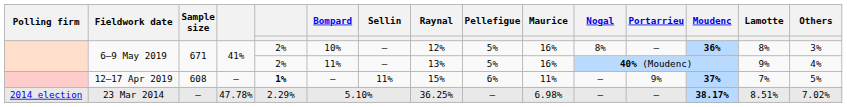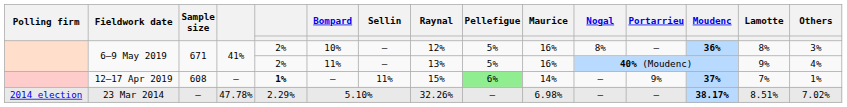 <table class="wikitable sortable" style="text-align:center;font-size:90%;line-height:14px;">
 <tr style="height:40px;">
 <th style="width:100px;" rowspan="2">Polling firm</th>
 <th style="width:110px;" rowspan="2">Fieldwork date</th>
 <th style="width:35px;" rowspan="2">Sample<br>size</th>
 <th style="width:30px;" rowspan="2"></th>
 <th class="unsortable" style="width:60px;"></th>
 <th class="unsortable" style="width:60px;"><a href='#'>Bompard</a><br></th>
 <th class="unsortable" style="width:60px;">Sellin<br></th>
 <th class="unsortable" style="width:60px;">Raynal<br></th>
 <th class="unsortable" style="width:60px;">Pellefigue<br></th>
 <th class="unsortable" style="width:60px;">Maurice<br></th>
 <th class="unsortable" style="width:60px;"><a href='#'>Nogal</a><br></th>
 <th class="unsortable" style="width:60px;"><a href='#'>Portarrieu</a><br></th>
 <th class="unsortable" style="width:60px;"><a href='#'>Moudenc</a><br></th>
 <th class="unsortable" style="width:60px;">Lamotte<br></th>
 <th class="unsortable" style="width:60px;">Others</th>
 </tr>
 <tr>
 <th style="background:"></th>
 <th style="background:"></th>
 <th style="background:"></th>
 <th style="background:"></th>
 <th style="background:"></th>
 <th style="background:"></th>
 <th style="background:"></th>
 <th style="background:"></th>
 <th style="background:"></th>
 <th style="background:"></th>
 <th style="background:"></th>
 </tr>
 <tr>
 <td rowspan="2" style="background:#FFDFCC;"></td>
 <td rowspan="2" data-sort-value="2019-05-09">6–9 May 2019</td>
 <td rowspan="2">671</td>
 <td rowspan="2">41%</td>
 <td>2%</td>
 <td>10%</td>
 <td>–</td>
 <td>12%</td>
 <td>5%</td>
 <td>16%</td>
 <td>8%</td>
 <td>–</td>
 <td style="background:#B9DAFF;"><strong>36%</strong></td>
 <td>8%</td>
 <td>3%</td>
 </tr>
 <tr>
 <td>2%</td>
 <td>11%</td>
 <td>–</td>
 <td>13%</td>
 <td>5%</td>
 <td>16%</td>
 <td style="background:#B9DAFF;" colspan="3"><strong>40%</strong> (Moudenc)</td>
 <td>9%</td>
 <td>4%</td>
 </tr>
 <tr>
 <td style="background:#FFCCCC;"></td>
 <td data-sort-value="2019-04-17">12–17 Apr 2019</td>
 <td>608</td>
 <td>–</td>
 <td><strong>1%</strong></td>
 <td>–</td>
 <td>11%</td>
 <td>15%</td>
-<td>6%</td>
-<td>11%</td>
+<td style="background: lightgreen;">6%</td>
+<td>14%</td>
 <td>–</td>
 <td>9%</td>
 <td style="background:#B9DAFF;"><strong>37%</strong></td>
 <td>7%</td>
-<td>5%</td>
+<td>1%</td>
 </tr>
 <tr style="background:#E9E9E9;">
 <td><a href='#'>2014 election</a></td>
 <td data-sort-value="2014-03-23">23 Mar 2014</td>
 <td>–</td>
 <td>47.78%</td>
 <td>2.29%</td>
 <td colspan="2">5.10%</td>
-<td>36.25%</td>
+<td>32.26%</td>
 <td>–</td>
 <td>6.98%</td>
 <td>–</td>
 <td>–</td>
 <td style="background:#B9DAFF;"><strong>38.17%</strong></td>
 <td>8.51%</td>
 <td>7.02%</td>
 </tr>
 </table>
